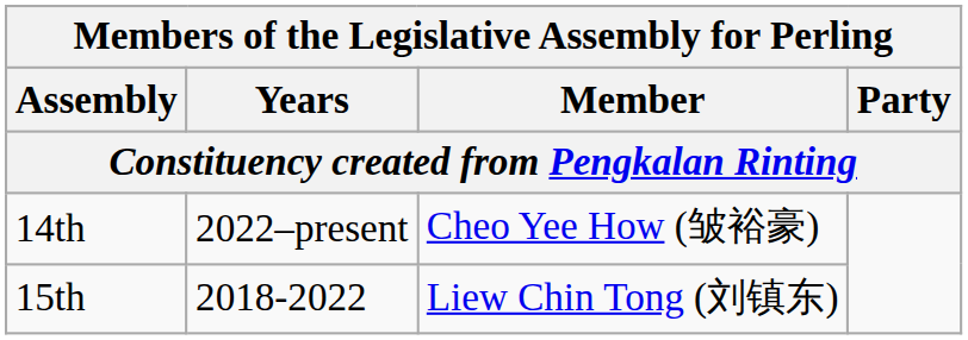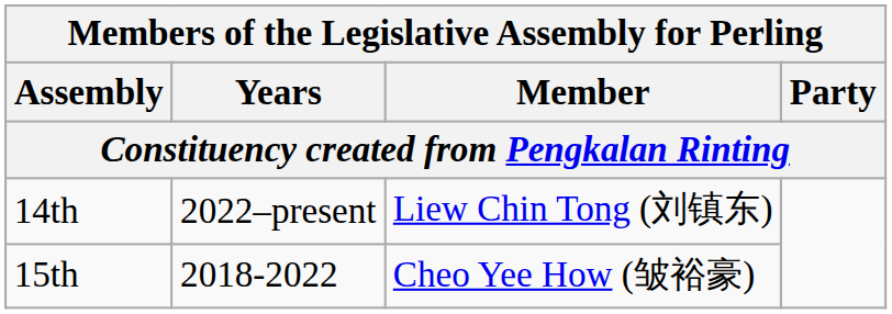 <table class="wikitable">
 <tr>
 <th colspan="4">Members of the Legislative Assembly for Perling</th>
 </tr>
 <tr>
 <th>Assembly</th>
 <th>Years</th>
 <th>Member</th>
 <th>Party</th>
 </tr>
 <tr>
 <th colspan="4" align="center"><em>Constituency created from <a href='#'>Pengkalan Rinting</a></em></th>
 </tr>
 <tr>
 <td>14th</td>
 <td>2022–present</td>
-<td><a href='#'>Cheo Yee How</a> (皱裕豪)</td>
+<td><a href='#'>Liew Chin Tong</a> (刘镇东)</td>
 <td rowspan="2"></td>
 </tr>
 <tr>
 <td>15th</td>
 <td>2018-2022</td>
-<td><a href='#'>Liew Chin Tong</a> (刘镇东)</td>
+<td><a href='#'>Cheo Yee How</a> (皱裕豪)</td>
 </tr>
 </table>
